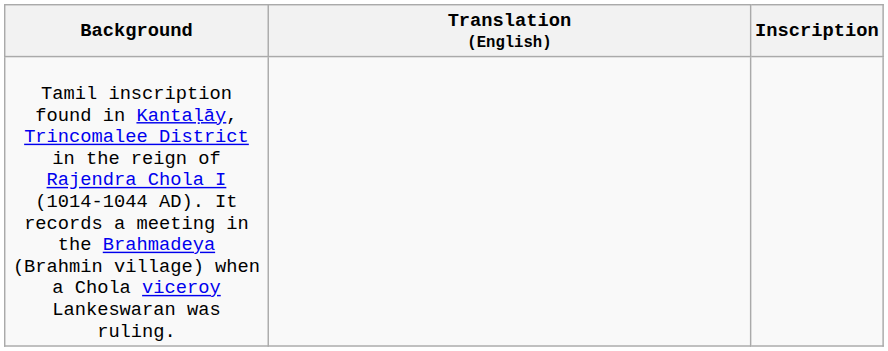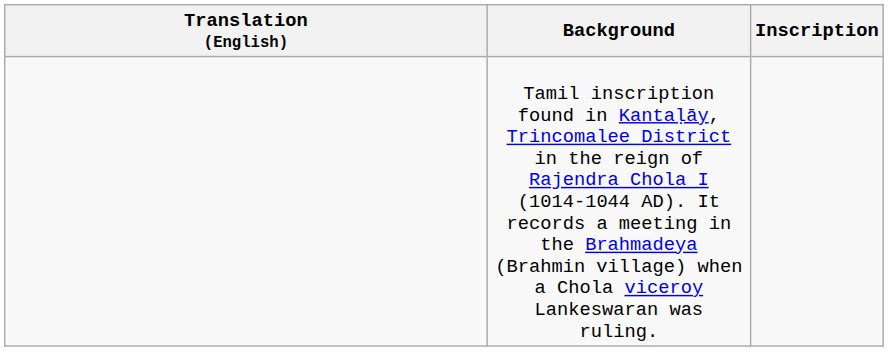 <table class="wikitable centre">
 <tr>
+<th>Translation<br><small>(English)</small></th>
 <th scope="col" align=left>Background<br></th>
-<th>Translation<br><small>(English)</small></th>
 <th>Inscription<br></th>
 </tr>
 <tr>
+<td align=left><br></td>
 <td align=center width="30%"><br>Tamil inscription found in <a href='#'>Kantaḷāy</a>, <a href='#'>Trincomalee District</a> in the reign of <a href='#'>Rajendra Chola I</a> (1014-1044 AD). It records a meeting in the <a href='#'>Brahmadeya</a> (Brahmin village) when a Chola <a href='#'>viceroy</a> Lankeswaran was ruling.</td>
-<td align=left><br></td>
 <td align=center width="10%"><br></td>
 </tr>
 </table>
